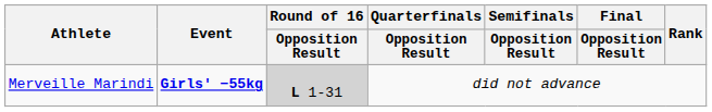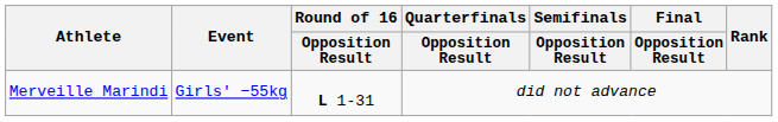 <table class="wikitable" style="font-size:90%;">
 <tr>
 <th rowspan=2>Athlete</th>
 <th rowspan=2>Event</th>
 <th>Round of 16</th>
 <th>Quarterfinals</th>
 <th>Semifinals</th>
 <th>Final</th>
 <th rowspan=2>Rank</th>
 </tr>
 <tr style="font-size:95%">
 <th>Opposition<br>Result</th>
 <th>Opposition<br>Result</th>
 <th>Opposition<br>Result</th>
 <th>Opposition<br>Result</th>
 </tr>
 <tr align=center>
 <td align=left><a href='#'>Merveille Marindi</a></td>
-<td align=left><strong><a href='#'>Girls' −55kg</a></strong></td>
-<td style="background: lightgrey;"><br> <strong>L</strong> 1-31</td>
+<td align=left><a href='#'>Girls' −55kg</a></td>
+<td><br> <strong>L</strong> 1-31</td>
 <td colspan=4><em>did not advance</em></td>
 </tr>
 </table>
